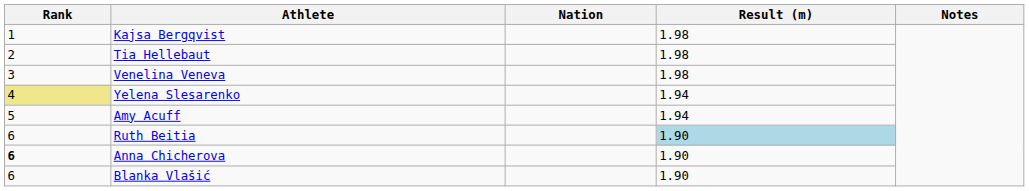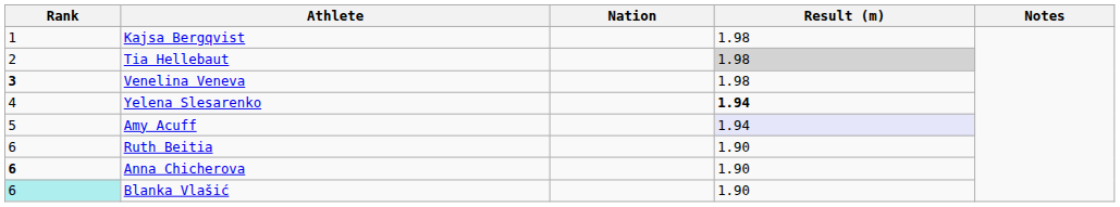 <table class="wikitable" style="text=align:center;" width=85%>
 <tr>
 <th>Rank</th>
 <th>Athlete</th>
 <th>Nation</th>
 <th>Result (m)</th>
 <th>Notes</th>
 </tr>
 <tr>
 <td>1</td>
 <td><a href='#'>Kajsa Bergqvist</a></td>
 <td></td>
 <td>1.98</td>
 </tr>
 <tr>
 <td>2</td>
 <td><a href='#'>Tia Hellebaut</a></td>
 <td></td>
-<td>1.98</td>
+<td style="background: lightgrey;">1.98</td>
 </tr>
 <tr>
-<td>3</td>
+<td><strong>3</strong></td>
 <td><a href='#'>Venelina Veneva</a></td>
 <td></td>
 <td>1.98</td>
 </tr>
 <tr>
-<td style="background: khaki;">4</td>
+<td>4</td>
 <td><a href='#'>Yelena Slesarenko</a></td>
 <td></td>
-<td>1.94</td>
+<td><strong>1.94</strong></td>
 </tr>
 <tr>
 <td>5</td>
 <td><a href='#'>Amy Acuff</a></td>
 <td></td>
-<td>1.94</td>
+<td style="background: lavender;">1.94</td>
 </tr>
 <tr>
 <td>6</td>
 <td><a href='#'>Ruth Beitia</a></td>
 <td></td>
-<td style="background: lightblue;">1.90</td>
+<td>1.90</td>
 </tr>
 <tr>
 <td><strong>6</strong></td>
 <td><a href='#'>Anna Chicherova</a></td>
 <td></td>
 <td>1.90</td>
 </tr>
 <tr>
-<td>6</td>
+<td style="background: paleturquoise;">6</td>
 <td><a href='#'>Blanka Vlašić</a></td>
 <td></td>
 <td>1.90</td>
 </tr>
 </table>
